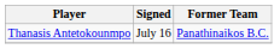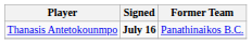 <table class="wikitable sortable sortable">
 <tr>
 <th>Player</th>
 <th>Signed</th>
 <th>Former Team</th>
 </tr>
 <tr style="text-align: center">
 <td><a href='#'>Thanasis Antetokounmpo</a></td>
-<td>July 16</td>
+<td><strong>July 16</strong></td>
 <td><a href='#'>Panathinaikos B.C.</a></td>
 </tr>
 <tr>
 </tr>
 </table>
